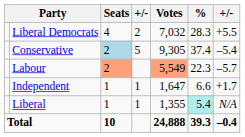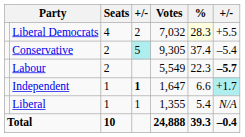 <table class="wikitable sortable">
 <tr>
 <th colspan="2">Party</th>
 <th>Seats</th>
 <th>+/-</th>
 <th>Votes</th>
 <th>%</th>
 <th>+/-</th>
 </tr>
 <tr>
 <td style="background-color: "></td>
 <td><a href='#'>Liberal Democrats</a></td>
 <td>4</td>
 <td> 2</td>
 <td style="text-align:right;">7,032</td>
-<td style="text-align:right;">28.3</td>
+<td style="background: lightyellow; text-align:right;">28.3</td>
 <td style="text-align:right;">+5.5</td>
 </tr>
 <tr>
 <td style="background-color: "></td>
 <td><a href='#'>Conservative</a></td>
-<td style="background: lightblue;">2</td>
-<td> 5</td>
+<td>2</td>
+<td style="background: paleturquoise;"> 5</td>
 <td style="text-align:right;">9,305</td>
 <td style="text-align:right;">37.4</td>
 <td style="text-align:right;">–5.4</td>
 </tr>
 <tr>
 <td style="background-color: "></td>
 <td><a href='#'>Labour</a></td>
-<td style="background: lightsalmon;">2</td>
+<td>2</td>
 <td></td>
-<td style="background: lightsalmon; text-align:right;">5,549</td>
+<td style="text-align:right;">5,549</td>
 <td style="text-align:right;">22.3</td>
-<td style="text-align:right;">–5.7</td>
+<td style="text-align:right;"><strong>–5.7</strong></td>
 </tr>
 <tr>
 <td style="background-color: "></td>
 <td><a href='#'>Independent</a></td>
 <td>1</td>
-<td> 1</td>
+<td><strong> 1</strong></td>
 <td style="text-align:right;">1,647</td>
 <td style="text-align:right;">6.6</td>
-<td style="text-align:right;">+1.7</td>
+<td style="background: paleturquoise; text-align:right;">+1.7</td>
 </tr>
 <tr>
 <td style="background-color: "></td>
 <td><a href='#'>Liberal</a></td>
 <td>1</td>
 <td> 1</td>
 <td style="text-align:right;">1,355</td>
-<td style="background: paleturquoise; text-align:right;">5.4</td>
+<td style="text-align:right;">5.4</td>
 <td style="text-align:right;"><em>N/A</em></td>
 </tr>
 <tr>
 <td colspan="2"><strong>Total</strong></td>
 <td><strong>10</strong></td>
 <td></td>
 <td style="text-align:right;"><strong>24,888</strong></td>
 <td style="text-align:right;"><strong>39.3</strong></td>
 <td style="text-align:right;"><strong>–0.4</strong></td>
 </tr>
 </table>
